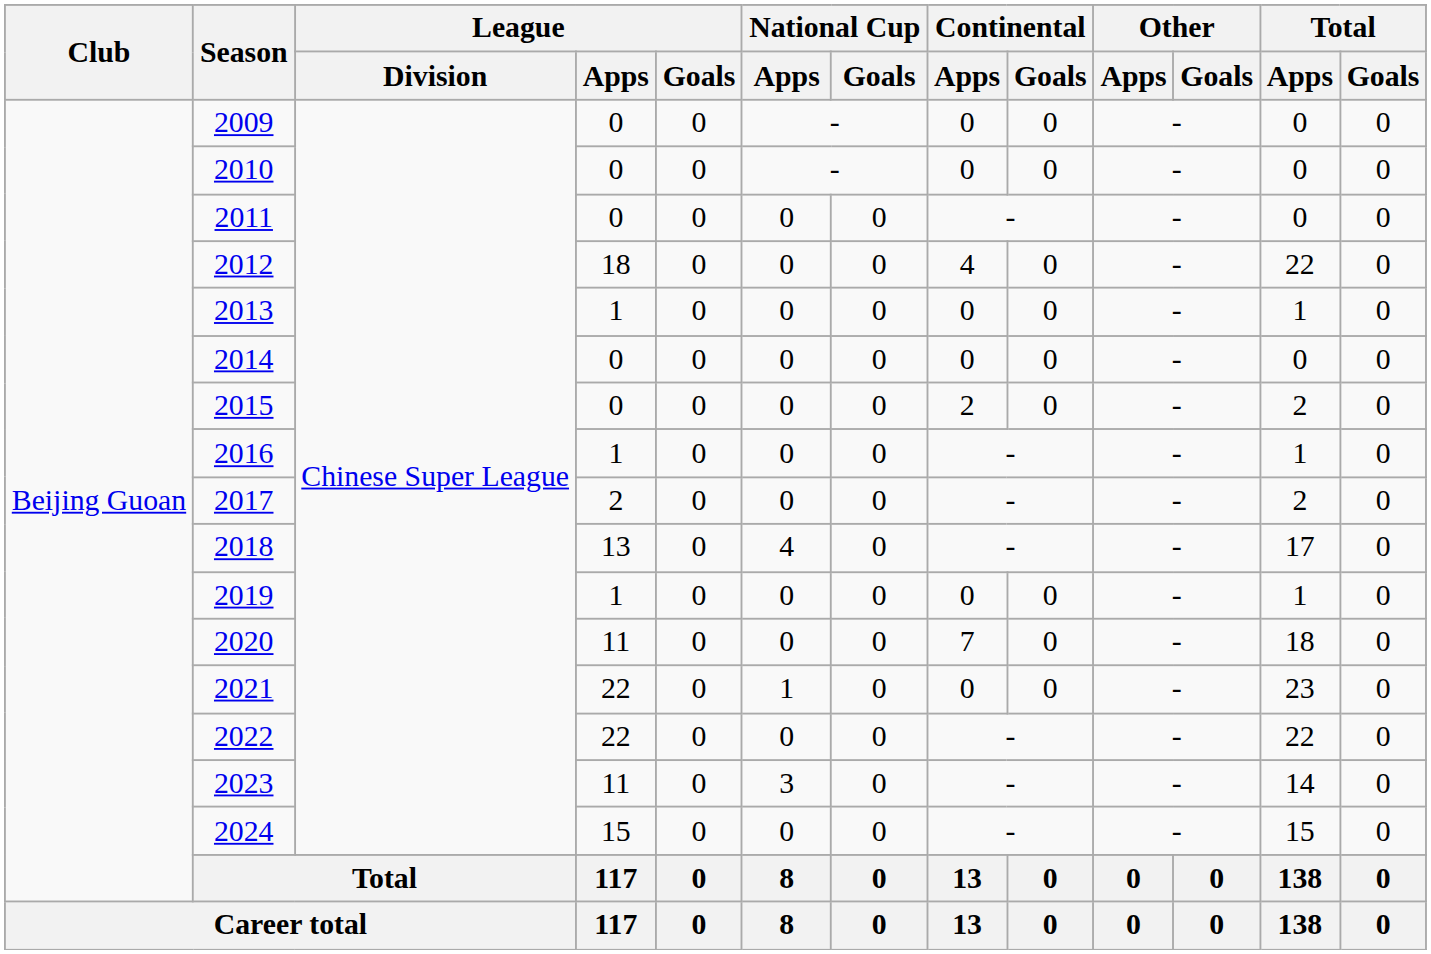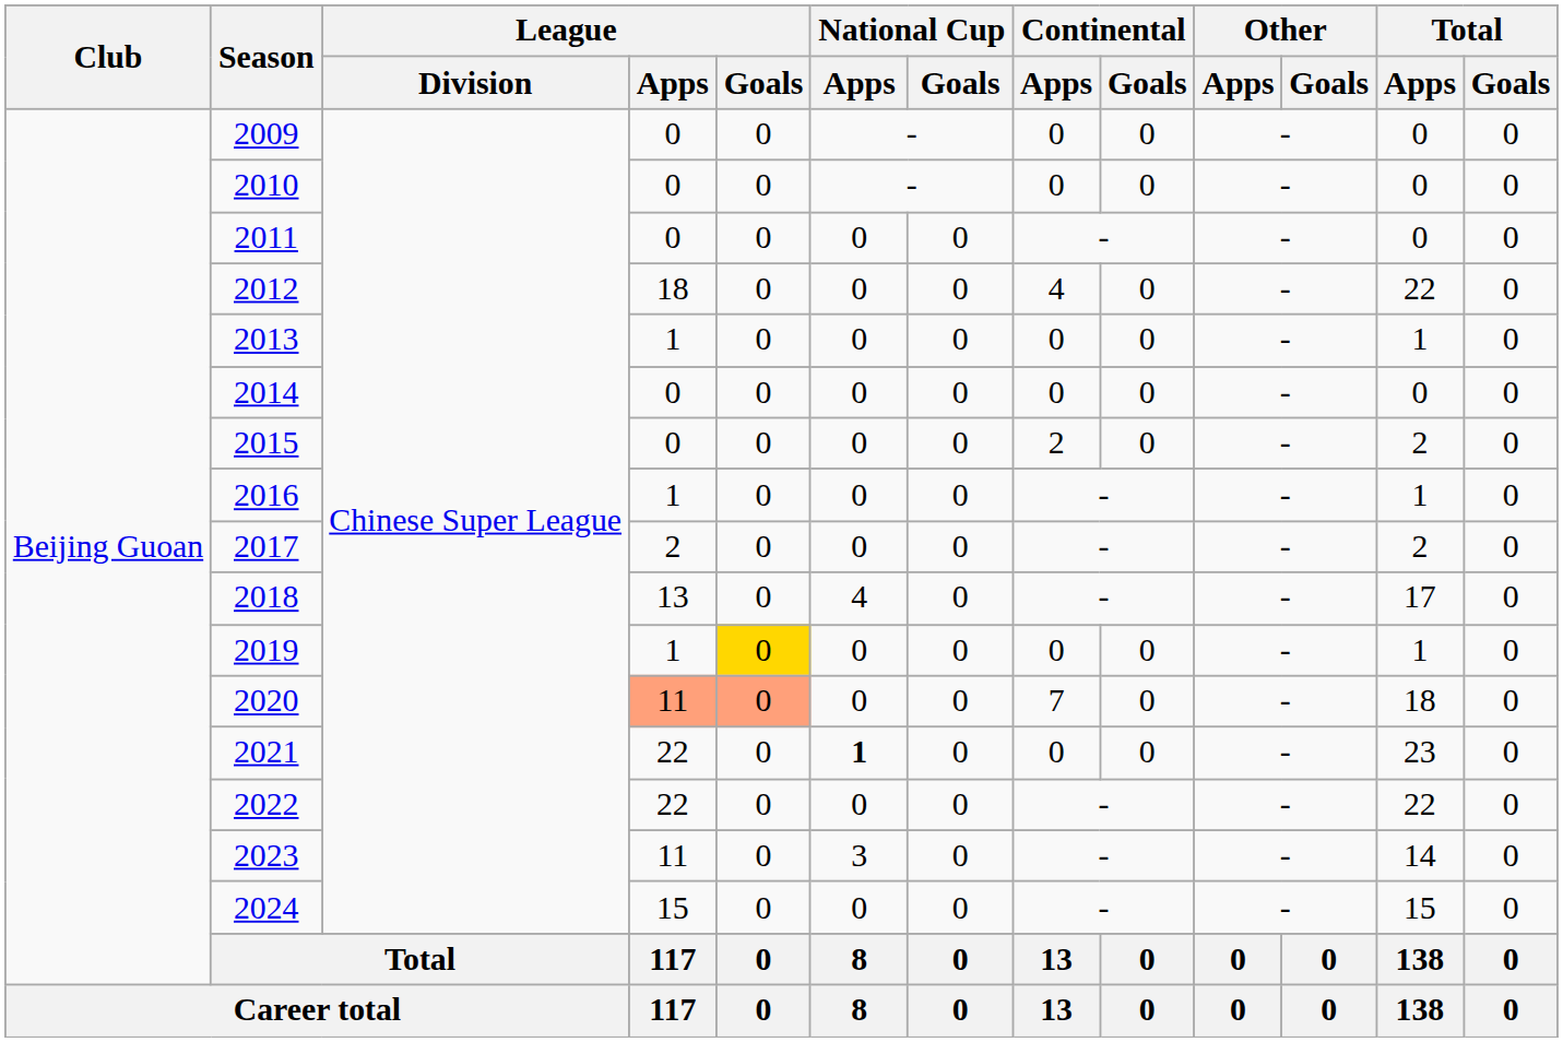 <table class="wikitable" style="text-align: center">
 <tr>
 <th rowspan="2">Club</th>
 <th rowspan="2">Season</th>
 <th colspan="3">League</th>
 <th colspan="2">National Cup</th>
 <th colspan="2">Continental</th>
 <th colspan="2">Other</th>
 <th colspan="2">Total</th>
 </tr>
 <tr>
 <th>Division</th>
 <th>Apps</th>
 <th>Goals</th>
 <th>Apps</th>
 <th>Goals</th>
 <th>Apps</th>
 <th>Goals</th>
 <th>Apps</th>
 <th>Goals</th>
 <th>Apps</th>
 <th>Goals</th>
 </tr>
 <tr>
 <td rowspan="17"><a href='#'>Beijing Guoan</a></td>
 <td><a href='#'>2009</a></td>
 <td rowspan="16"><a href='#'>Chinese Super League</a></td>
 <td>0</td>
 <td>0</td>
 <td colspan="2">-</td>
 <td>0</td>
 <td>0</td>
 <td colspan="2">-</td>
 <td>0</td>
 <td>0</td>
 </tr>
 <tr>
 <td><a href='#'>2010</a></td>
 <td>0</td>
 <td>0</td>
 <td colspan="2">-</td>
 <td>0</td>
 <td>0</td>
 <td colspan="2">-</td>
 <td>0</td>
 <td>0</td>
 </tr>
 <tr>
 <td><a href='#'>2011</a></td>
 <td>0</td>
 <td>0</td>
 <td>0</td>
 <td>0</td>
 <td colspan="2">-</td>
 <td colspan="2">-</td>
 <td>0</td>
 <td>0</td>
 </tr>
 <tr>
 <td><a href='#'>2012</a></td>
 <td>18</td>
 <td>0</td>
 <td>0</td>
 <td>0</td>
 <td>4</td>
 <td>0</td>
 <td colspan="2">-</td>
 <td>22</td>
 <td>0</td>
 </tr>
 <tr>
 <td><a href='#'>2013</a></td>
 <td>1</td>
 <td>0</td>
 <td>0</td>
 <td>0</td>
 <td>0</td>
 <td>0</td>
 <td colspan="2">-</td>
 <td>1</td>
 <td>0</td>
 </tr>
 <tr>
 <td><a href='#'>2014</a></td>
 <td>0</td>
 <td>0</td>
 <td>0</td>
 <td>0</td>
 <td>0</td>
 <td>0</td>
 <td colspan="2">-</td>
 <td>0</td>
 <td>0</td>
 </tr>
 <tr>
 <td><a href='#'>2015</a></td>
 <td>0</td>
 <td>0</td>
 <td>0</td>
 <td>0</td>
 <td>2</td>
 <td>0</td>
 <td colspan="2">-</td>
 <td>2</td>
 <td>0</td>
 </tr>
 <tr>
 <td><a href='#'>2016</a></td>
 <td>1</td>
 <td>0</td>
 <td>0</td>
 <td>0</td>
 <td colspan="2">-</td>
 <td colspan="2">-</td>
 <td>1</td>
 <td>0</td>
 </tr>
 <tr>
 <td><a href='#'>2017</a></td>
 <td>2</td>
 <td>0</td>
 <td>0</td>
 <td>0</td>
 <td colspan="2">-</td>
 <td colspan="2">-</td>
 <td>2</td>
 <td>0</td>
 </tr>
 <tr>
 <td><a href='#'>2018</a></td>
 <td>13</td>
 <td>0</td>
 <td>4</td>
 <td>0</td>
 <td colspan="2">-</td>
 <td colspan="2">-</td>
 <td>17</td>
 <td>0</td>
 </tr>
 <tr>
 <td><a href='#'>2019</a></td>
 <td>1</td>
-<td>0</td>
+<td style="background: gold;">0</td>
 <td>0</td>
 <td>0</td>
 <td>0</td>
 <td>0</td>
 <td colspan="2">-</td>
 <td>1</td>
 <td>0</td>
 </tr>
 <tr>
 <td><a href='#'>2020</a></td>
-<td>11</td>
-<td>0</td>
+<td style="background: lightsalmon;">11</td>
+<td style="background: lightsalmon;">0</td>
 <td>0</td>
 <td>0</td>
 <td>7</td>
 <td>0</td>
 <td colspan="2">-</td>
 <td>18</td>
 <td>0</td>
 </tr>
 <tr>
 <td><a href='#'>2021</a></td>
 <td>22</td>
 <td>0</td>
-<td>1</td>
+<td><strong>1</strong></td>
 <td>0</td>
 <td>0</td>
 <td>0</td>
 <td colspan="2">-</td>
 <td>23</td>
 <td>0</td>
 </tr>
 <tr>
 <td><a href='#'>2022</a></td>
 <td>22</td>
 <td>0</td>
 <td>0</td>
 <td>0</td>
 <td colspan="2">-</td>
 <td colspan="2">-</td>
 <td>22</td>
 <td>0</td>
 </tr>
 <tr>
 <td><a href='#'>2023</a></td>
 <td>11</td>
 <td>0</td>
 <td>3</td>
 <td>0</td>
 <td colspan="2">-</td>
 <td colspan="2">-</td>
 <td>14</td>
 <td>0</td>
 </tr>
 <tr>
 <td><a href='#'>2024</a></td>
 <td>15</td>
 <td>0</td>
 <td>0</td>
 <td>0</td>
 <td colspan="2">-</td>
 <td colspan="2">-</td>
 <td>15</td>
 <td>0</td>
 </tr>
 <tr>
 <th colspan="2">Total</th>
 <th>117</th>
 <th>0</th>
 <th>8</th>
 <th>0</th>
 <th>13</th>
 <th>0</th>
 <th>0</th>
 <th>0</th>
 <th>138</th>
 <th>0</th>
 </tr>
 <tr>
 <th colspan=3>Career total</th>
 <th>117</th>
 <th>0</th>
 <th>8</th>
 <th>0</th>
 <th>13</th>
 <th>0</th>
 <th>0</th>
 <th>0</th>
 <th>138</th>
 <th>0</th>
 </tr>
 </table>
